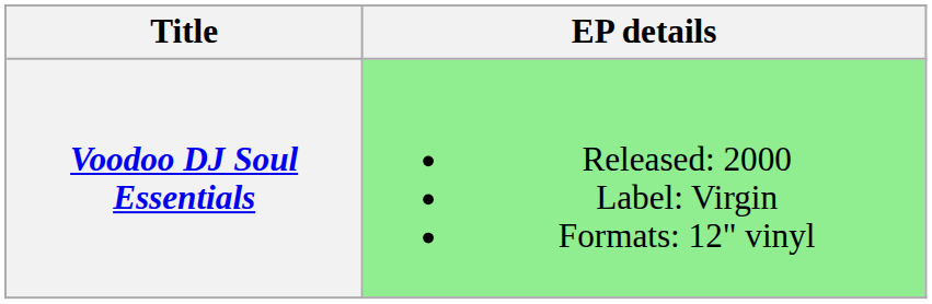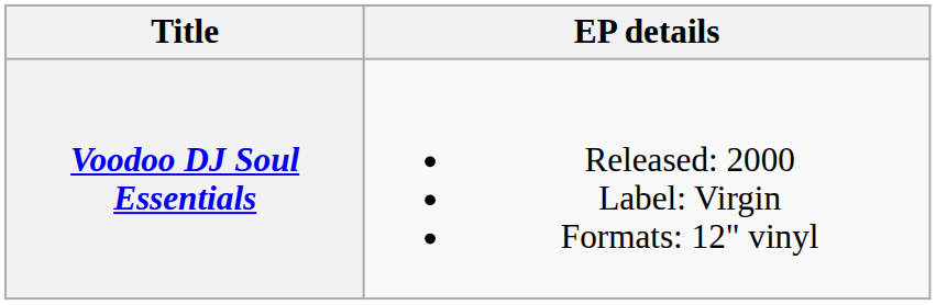 <table class="wikitable plainrowheaders" style="text-align:center;">
 <tr>
 <th scope="col" style="width:10em;">Title</th>
 <th scope="col" style="width:16em;">EP details</th>
 </tr>
 <tr>
 <th scope="row"><em><a href='#'>Voodoo DJ Soul Essentials</a></em></th>
-<td style="background: lightgreen;"><br><ul><li>Released: 2000</li><li>Label: Virgin</li><li>Formats: 12" vinyl</li></ul></td>
+<td><br><ul><li>Released: 2000</li><li>Label: Virgin</li><li>Formats: 12" vinyl</li></ul></td>
 </tr>
 </table>
